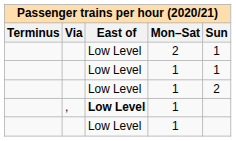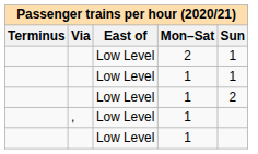 <table class="wikitable">
 <tr>
 <th colspan="5" style="background:#ffdead;">Passenger trains per hour (2020/21)</th>
 </tr>
 <tr>
 <th>Terminus</th>
 <th colspan=1>Via</th>
 <th>East of</th>
 <th>Mon–Sat </th>
 <th>Sun </th>
 </tr>
 <tr>
 <td></td>
 <td></td>
 <td> Low Level</td>
 <td style="text-align:center">2</td>
 <td style="text-align:center">1</td>
 </tr>
 <tr>
 <td></td>
 <td></td>
 <td> Low Level</td>
 <td style="text-align:center">1</td>
 <td style="text-align:center">1</td>
 </tr>
 <tr>
 <td></td>
 <td></td>
 <td> Low Level</td>
 <td style="text-align:center">1</td>
 <td style="text-align:center">2</td>
 </tr>
 <tr>
 <td></td>
 <td>, </td>
-<td><strong> Low Level</strong></td>
+<td> Low Level</td>
 <td style="text-align:center">1</td>
 <td></td>
 </tr>
 <tr>
 <td></td>
 <td></td>
 <td> Low Level</td>
 <td style="text-align:center">1</td>
 <td></td>
 </tr>
 </table>
